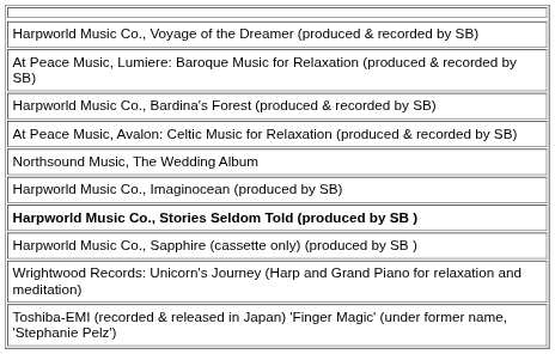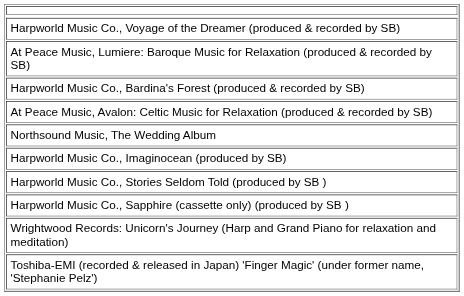 <table border="1" cellpadding="5" colspan="2">
 <tr>
 <th></th>
 </tr>
 <tr>
 </tr>
 <tr>
 <td>Harpworld Music Co., Voyage of the Dreamer (produced & recorded by SB)</td>
 </tr>
 <tr>
 <td>At Peace Music, Lumiere: Baroque Music for Relaxation  (produced & recorded by SB)</td>
 </tr>
 <tr>
 <td>Harpworld Music Co., Bardina's Forest (produced & recorded by SB)</td>
 </tr>
 <tr>
 <td>At Peace Music, Avalon: Celtic Music for Relaxation  (produced & recorded by SB)</td>
 </tr>
 <tr>
 <td>Northsound Music, The Wedding Album</td>
 </tr>
 <tr>
 <td>Harpworld Music Co., Imaginocean (produced by SB)</td>
 </tr>
 <tr>
-<td><strong>Harpworld Music Co., Stories Seldom Told (produced by SB )</strong></td>
+<td>Harpworld Music Co., Stories Seldom Told (produced by SB )</td>
 </tr>
 <tr>
 <td>Harpworld Music Co., Sapphire (cassette only) (produced by SB )</td>
 </tr>
 <tr>
 <td>Wrightwood Records: Unicorn's Journey (Harp and Grand Piano for relaxation and meditation)</td>
 </tr>
 <tr>
 <td>Toshiba-EMI (recorded & released in Japan) 'Finger Magic' (under former name, 'Stephanie Pelz')</td>
 </tr>
 </table>
